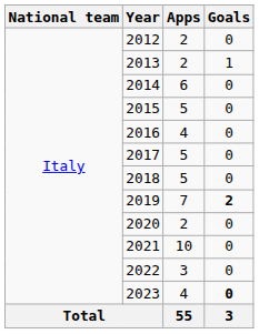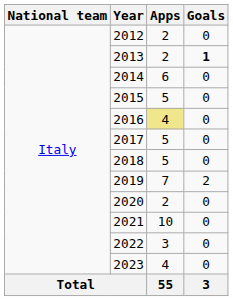 <table class="wikitable" style="text-align:center">
 <tr>
 <th>National team</th>
 <th>Year</th>
 <th>Apps</th>
 <th>Goals</th>
 </tr>
 <tr>
 <td rowspan="12"><a href='#'>Italy</a></td>
 <td>2012</td>
 <td>2</td>
 <td>0</td>
 </tr>
 <tr>
 <td>2013</td>
 <td>2</td>
-<td>1</td>
+<td><strong>1</strong></td>
 </tr>
 <tr>
 <td>2014</td>
 <td>6</td>
 <td>0</td>
 </tr>
 <tr>
 <td>2015</td>
 <td>5</td>
 <td>0</td>
 </tr>
 <tr>
 <td>2016</td>
-<td>4</td>
+<td style="background: khaki;">4</td>
 <td>0</td>
 </tr>
 <tr>
 <td>2017</td>
 <td>5</td>
 <td>0</td>
 </tr>
 <tr>
 <td>2018</td>
 <td>5</td>
 <td>0</td>
 </tr>
 <tr>
 <td>2019</td>
 <td>7</td>
-<td><strong>2</strong></td>
+<td>2</td>
 </tr>
 <tr>
 <td>2020</td>
 <td>2</td>
 <td>0</td>
 </tr>
 <tr>
 <td>2021</td>
 <td>10</td>
 <td>0</td>
 </tr>
 <tr>
 <td>2022</td>
 <td>3</td>
 <td>0</td>
 </tr>
 <tr>
 <td>2023</td>
 <td>4</td>
-<td><strong>0</strong></td>
+<td>0</td>
 </tr>
 <tr>
 <th colspan="2">Total</th>
 <th>55</th>
 <th>3</th>
 </tr>
 </table>
